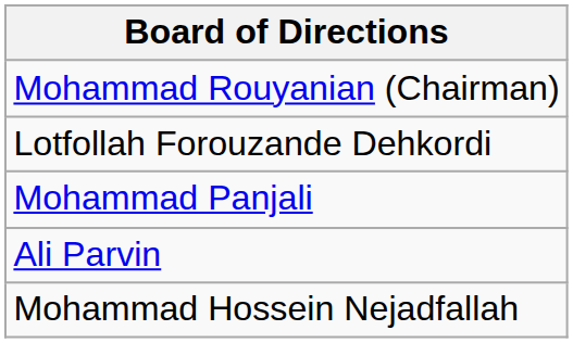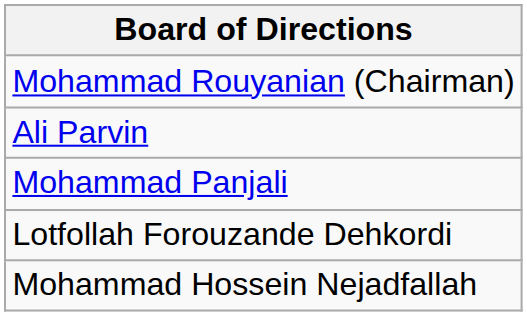 <table class="wikitable" "align: right;">
 <tr>
 <th>Board of Directions</th>
 </tr>
 <tr>
 <td> <a href='#'>Mohammad Rouyanian</a> (Chairman)</td>
 </tr>
 <tr>
-<td> Lotfollah Forouzande Dehkordi</td>
+<td> <a href='#'>Ali Parvin</a></td>
 </tr>
 <tr>
 <td> <a href='#'>Mohammad Panjali</a></td>
 </tr>
 <tr>
-<td> <a href='#'>Ali Parvin</a></td>
+<td> Lotfollah Forouzande Dehkordi</td>
 </tr>
 <tr>
 <td> Mohammad Hossein Nejadfallah</td>
 </tr>
 </table>
